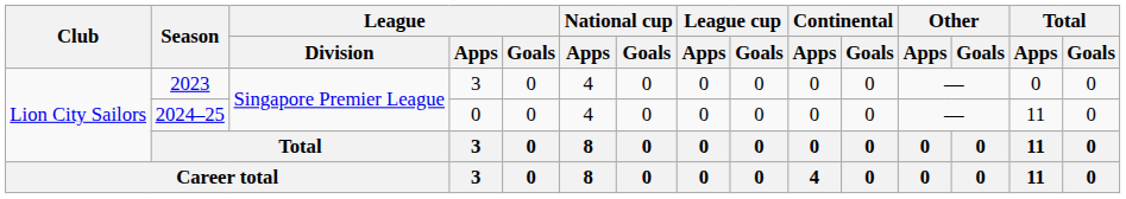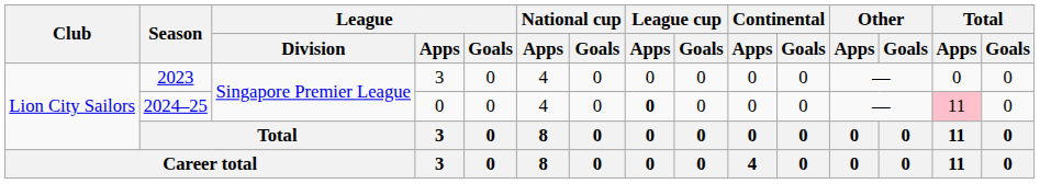 <table class="wikitable" style="text-align:center">
 <tr>
 <th rowspan="2">Club</th>
 <th rowspan="2">Season</th>
 <th colspan="3">League</th>
 <th colspan="2">National cup</th>
 <th colspan="2">League cup</th>
 <th colspan="2">Continental</th>
 <th colspan="2">Other</th>
 <th colspan="2">Total</th>
 </tr>
 <tr>
 <th>Division</th>
 <th>Apps</th>
 <th>Goals</th>
 <th>Apps</th>
 <th>Goals</th>
 <th>Apps</th>
 <th>Goals</th>
 <th>Apps</th>
 <th>Goals</th>
 <th>Apps</th>
 <th>Goals</th>
 <th>Apps</th>
 <th>Goals</th>
 </tr>
 <tr>
 <td rowspan="3"><a href='#'>Lion City Sailors</a></td>
 <td><a href='#'>2023</a></td>
 <td rowspan="2"><a href='#'>Singapore Premier League</a></td>
 <td>3</td>
 <td>0</td>
 <td>4</td>
 <td>0</td>
 <td>0</td>
 <td>0</td>
 <td>0</td>
 <td>0</td>
 <td colspan="2">—</td>
 <td>0</td>
 <td>0</td>
 </tr>
 <tr>
 <td><a href='#'>2024–25</a></td>
 <td>0</td>
 <td>0</td>
 <td>4</td>
 <td>0</td>
-<td>0</td>
+<td><strong>0</strong></td>
 <td>0</td>
 <td>0</td>
 <td>0</td>
 <td colspan="2">—</td>
-<td>11</td>
+<td style="background: pink;">11</td>
 <td>0</td>
 </tr>
 <tr>
 <th colspan="2">Total</th>
 <th>3</th>
 <th>0</th>
 <th>8</th>
 <th>0</th>
 <th>0</th>
 <th>0</th>
 <th>0</th>
 <th>0</th>
 <th>0</th>
 <th>0</th>
 <th>11</th>
 <th>0</th>
 </tr>
 <tr>
 <th colspan="3">Career total</th>
 <th>3</th>
 <th>0</th>
 <th>8</th>
 <th>0</th>
 <th>0</th>
 <th>0</th>
 <th>4</th>
 <th>0</th>
 <th>0</th>
 <th>0</th>
 <th>11</th>
 <th>0</th>
 </tr>
 </table>
